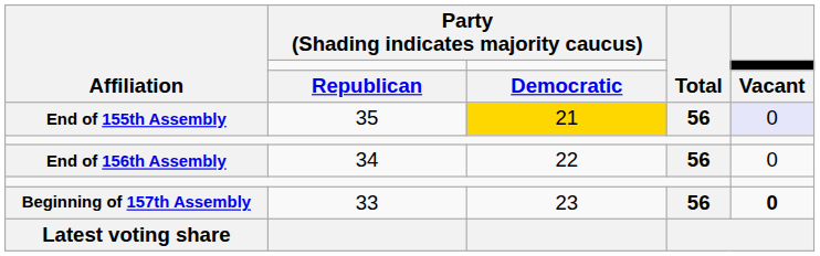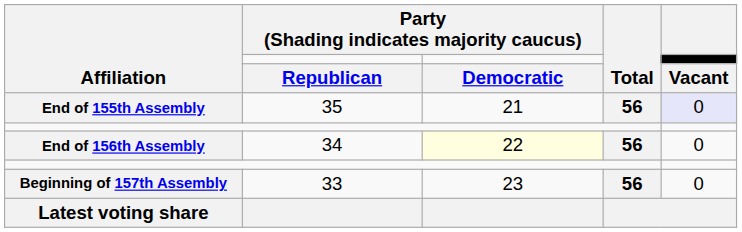 <table class=wikitable style="text-align:center; width:50%">
 <tr style="vertical-align:bottom;">
 <th rowspan=3>Affiliation</th>
 <th colspan=2>Party <div>(Shading indicates majority caucus)</div></th>
 <th rowspan=3>Total</th>
 <th></th>
 </tr>
 <tr style="height:5px">
 <td style="background-color:"></td>
 <td style="background-color:"></td>
 <td style="background: black"></td>
 </tr>
 <tr>
 <th><a href='#'>Republican</a></th>
 <th><a href='#'>Democratic</a></th>
 <th>Vacant</th>
 </tr>
 <tr>
 <th nowrap style="font-size:80%">End of <a href='#'>155th Assembly</a></th>
 <td>35</td>
-<td style="background: gold;">21</td>
+<td>21</td>
 <th>56</th>
 <td style="background: lavender;">0</td>
 </tr>
 <tr>
 <td colspan="4"></td>
 </tr>
 <tr>
 <th nowrap style="font-size:80%">End of <a href='#'>156th Assembly</a></th>
 <td>34</td>
-<td>22</td>
+<td style="background: lightyellow;">22</td>
 <th>56</th>
 <td>0</td>
 </tr>
 <tr>
 <td colspan="4"></td>
 </tr>
 <tr>
 <th nowrap style="font-size:80%">Beginning of <a href='#'>157th Assembly</a></th>
 <td>33</td>
 <td>23</td>
 <th>56</th>
-<td><strong>0</strong></td>
+<td>0</td>
 </tr>
 <tr>
 <th>Latest voting share</th>
 <th></th>
 <th></th>
 <th colspan=2></th>
 </tr>
 </table>
